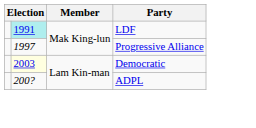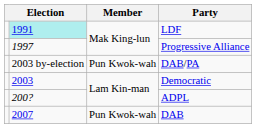 <table class="wikitable">
 <tr>
 <th colspan="2">Election</th>
 <th>Member</th>
 <th>Party</th>
 </tr>
 <tr>
 <td style="background-color:"></td>
 <td style="background: paleturquoise;"><a href='#'>1991</a></td>
 <td rowspan=2>Mak King-lun</td>
 <td><a href='#'>LDF</a></td>
 </tr>
 <tr>
 <td style="background-color:"></td>
 <td><em>1997</em></td>
 <td><a href='#'>Progressive Alliance</a></td>
 </tr>
 <tr>
 <td style="background-color:"></td>
-<td style="background: lightyellow;"><a href='#'>2003</a></td>
+<td>2003 by-election</td>
+<td>Pun Kwok-wah</td>
+<td><a href='#'>DAB</a>/<a href='#'>PA</a></td>
+</tr>
+<tr>
+<td style="background-color:"></td>
+<td><a href='#'>2003</a></td>
 <td rowspan=2>Lam Kin-man</td>
 <td><a href='#'>Democratic</a></td>
 </tr>
 <tr>
 <td style="background-color:"></td>
 <td><em>200?</em></td>
 <td><a href='#'>ADPL</a></td>
 </tr>
+<tr>
+<td style="background-color:"></td>
+<td><a href='#'>2007</a></td>
+<td>Pun Kwok-wah</td>
+<td><a href='#'>DAB</a></td>
+</tr>
 </table>
